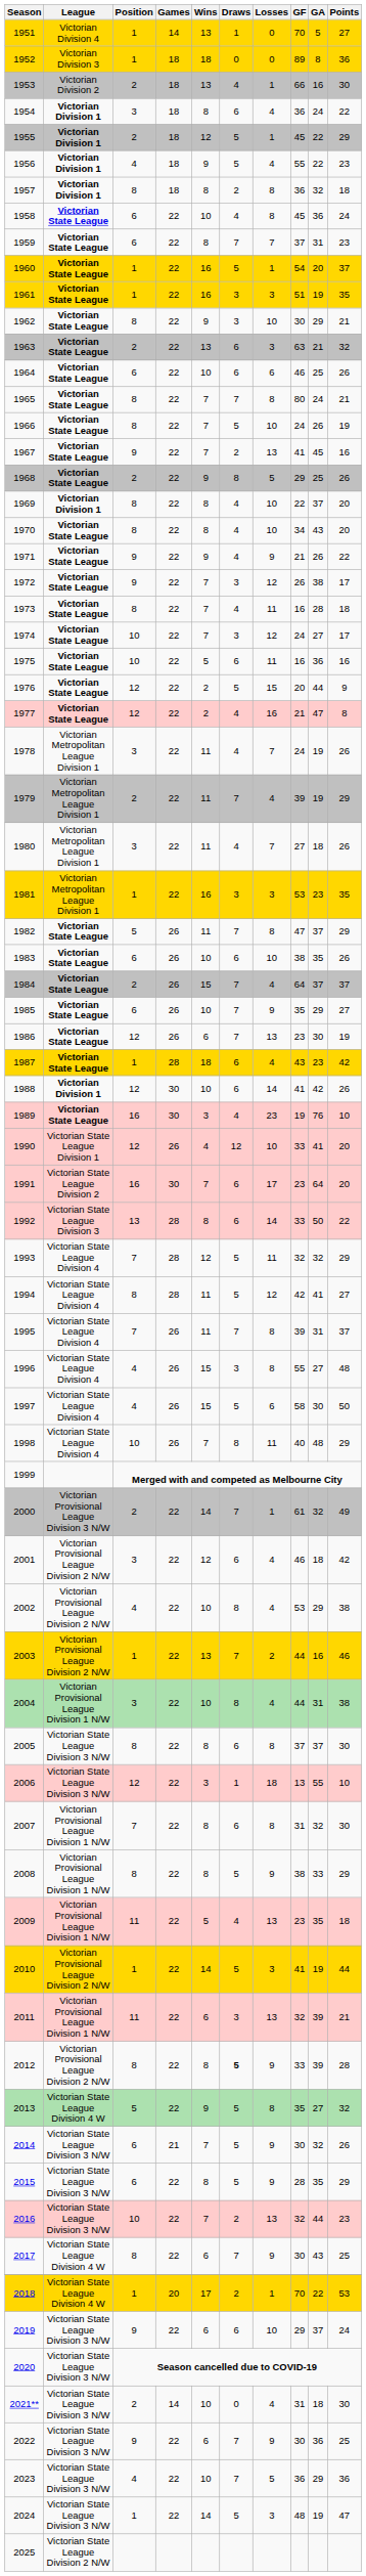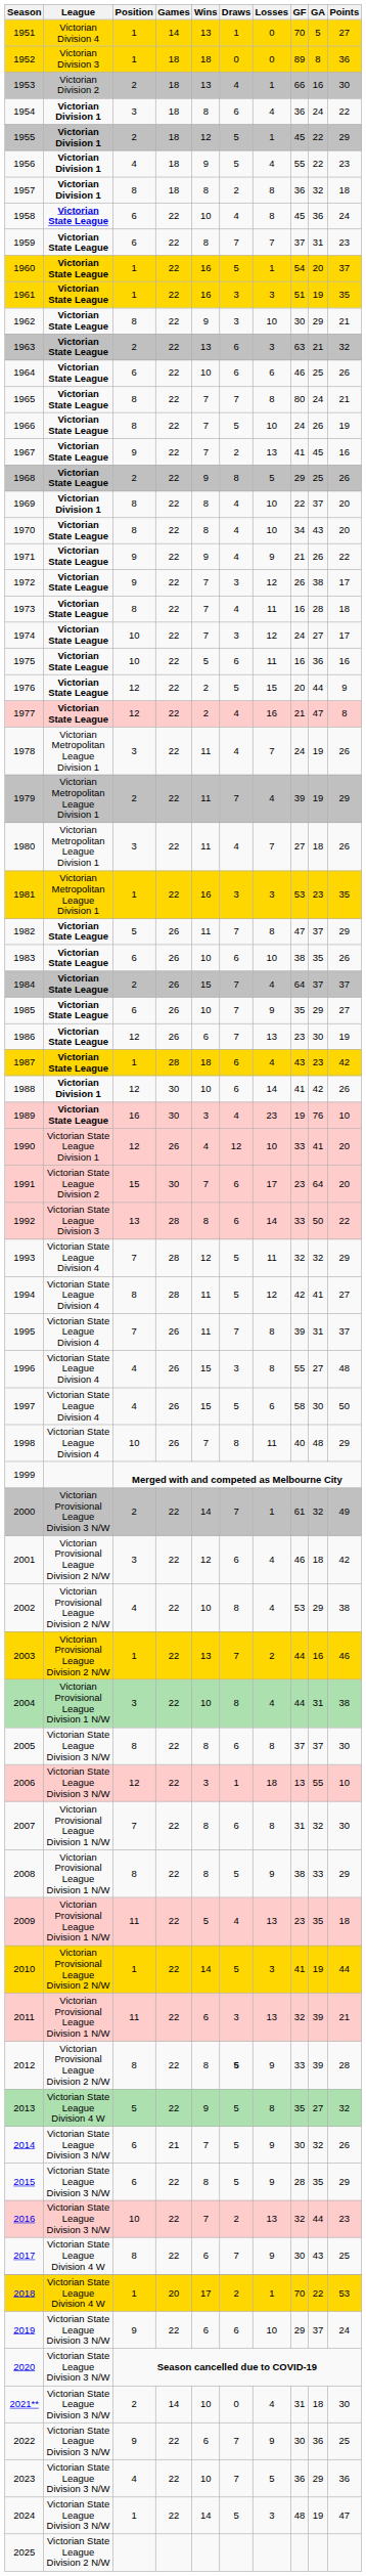 <table class="wikitable" style="text-align:center; margin-left:1em; font-size:100%; float:down">
 <tr>
 <th>Season</th>
 <th>League</th>
 <th>Position</th>
 <th>Games</th>
 <th>Wins</th>
 <th>Draws</th>
 <th>Losses</th>
 <th>GF</th>
 <th>GA</th>
 <th>Points</th>
 </tr>
 <tr bgcolor="#ffd700">
 <td>1951</td>
 <td>Victorian Division 4</td>
 <td>1</td>
 <td>14</td>
 <td>13</td>
 <td>1</td>
 <td>0</td>
 <td>70</td>
 <td>5</td>
 <td>27</td>
 </tr>
 <tr bgcolor="#ffd700">
 <td>1952</td>
 <td>Victorian Division 3</td>
 <td>1</td>
 <td>18</td>
 <td>18</td>
 <td>0</td>
 <td>0</td>
 <td>89</td>
 <td>8</td>
 <td>36</td>
 </tr>
 <tr bgcolor=silver>
 <td>1953</td>
 <td>Victorian Division 2</td>
 <td>2</td>
 <td>18</td>
 <td>13</td>
 <td>4</td>
 <td>1</td>
 <td>66</td>
 <td>16</td>
 <td>30</td>
 </tr>
 <tr>
 <td>1954</td>
 <td><strong>Victorian Division 1</strong></td>
 <td>3</td>
 <td>18</td>
 <td>8</td>
 <td>6</td>
 <td>4</td>
 <td>36</td>
 <td>24</td>
 <td>22</td>
 </tr>
 <tr bgcolor=silver>
 <td>1955</td>
 <td><strong>Victorian Division 1</strong></td>
 <td>2</td>
 <td>18</td>
 <td>12</td>
 <td>5</td>
 <td>1</td>
 <td>45</td>
 <td>22</td>
 <td>29</td>
 </tr>
 <tr>
 <td>1956</td>
 <td><strong>Victorian Division 1</strong></td>
 <td>4</td>
 <td>18</td>
 <td>9</td>
 <td>5</td>
 <td>4</td>
 <td>55</td>
 <td>22</td>
 <td>23</td>
 </tr>
 <tr>
 <td>1957</td>
 <td><strong>Victorian Division 1</strong></td>
 <td>8</td>
 <td>18</td>
 <td>8</td>
 <td>2</td>
 <td>8</td>
 <td>36</td>
 <td>32</td>
 <td>18</td>
 </tr>
 <tr>
 <td>1958</td>
 <td><strong><a href='#'>Victorian State League</a></strong></td>
 <td>6</td>
 <td>22</td>
 <td>10</td>
 <td>4</td>
 <td>8</td>
 <td>45</td>
 <td>36</td>
 <td>24</td>
 </tr>
 <tr>
 <td>1959</td>
 <td><strong>Victorian State League</strong></td>
 <td>6</td>
 <td>22</td>
 <td>8</td>
 <td>7</td>
 <td>7</td>
 <td>37</td>
 <td>31</td>
 <td>23</td>
 </tr>
 <tr bgcolor="#ffd700">
 <td>1960</td>
 <td><strong>Victorian State League</strong></td>
 <td>1</td>
 <td>22</td>
 <td>16</td>
 <td>5</td>
 <td>1</td>
 <td>54</td>
 <td>20</td>
 <td>37</td>
 </tr>
 <tr bgcolor="#ffd700">
 <td>1961</td>
 <td><strong>Victorian State League</strong></td>
 <td>1</td>
 <td>22</td>
 <td>16</td>
 <td>3</td>
 <td>3</td>
 <td>51</td>
 <td>19</td>
 <td>35</td>
 </tr>
 <tr>
 <td>1962</td>
 <td><strong>Victorian State League</strong></td>
 <td>8</td>
 <td>22</td>
 <td>9</td>
 <td>3</td>
 <td>10</td>
 <td>30</td>
 <td>29</td>
 <td>21</td>
 </tr>
 <tr bgcolor=silver>
 <td>1963</td>
 <td><strong>Victorian State League</strong></td>
 <td>2</td>
 <td>22</td>
 <td>13</td>
 <td>6</td>
 <td>3</td>
 <td>63</td>
 <td>21</td>
 <td>32</td>
 </tr>
 <tr>
 <td>1964</td>
 <td><strong>Victorian State League</strong></td>
 <td>6</td>
 <td>22</td>
 <td>10</td>
 <td>6</td>
 <td>6</td>
 <td>46</td>
 <td>25</td>
 <td>26</td>
 </tr>
 <tr>
 <td>1965</td>
 <td><strong>Victorian State League</strong></td>
 <td>8</td>
 <td>22</td>
 <td>7</td>
 <td>7</td>
 <td>8</td>
 <td>80</td>
 <td>24</td>
 <td>21</td>
 </tr>
 <tr>
 <td>1966</td>
 <td><strong>Victorian State League</strong></td>
 <td>8</td>
 <td>22</td>
 <td>7</td>
 <td>5</td>
 <td>10</td>
 <td>24</td>
 <td>26</td>
 <td>19</td>
 </tr>
 <tr>
 <td>1967</td>
 <td><strong>Victorian State League</strong></td>
 <td>9</td>
 <td>22</td>
 <td>7</td>
 <td>2</td>
 <td>13</td>
 <td>41</td>
 <td>45</td>
 <td>16</td>
 </tr>
 <tr bgcolor=silver>
 <td>1968</td>
 <td><strong>Victorian State League</strong></td>
 <td>2</td>
 <td>22</td>
 <td>9</td>
 <td>8</td>
 <td>5</td>
 <td>29</td>
 <td>25</td>
 <td>26</td>
 </tr>
 <tr>
 <td>1969</td>
 <td><strong>Victorian Division 1</strong></td>
 <td>8</td>
 <td>22</td>
 <td>8</td>
 <td>4</td>
 <td>10</td>
 <td>22</td>
 <td>37</td>
 <td>20</td>
 </tr>
 <tr>
 <td>1970</td>
 <td><strong>Victorian State League</strong></td>
 <td>8</td>
 <td>22</td>
 <td>8</td>
 <td>4</td>
 <td>10</td>
 <td>34</td>
 <td>43</td>
 <td>20</td>
 </tr>
 <tr>
 <td>1971</td>
 <td><strong>Victorian State League</strong></td>
 <td>9</td>
 <td>22</td>
 <td>9</td>
 <td>4</td>
 <td>9</td>
 <td>21</td>
 <td>26</td>
 <td>22</td>
 </tr>
 <tr>
 <td>1972</td>
 <td><strong>Victorian State League</strong></td>
 <td>9</td>
 <td>22</td>
 <td>7</td>
 <td>3</td>
 <td>12</td>
 <td>26</td>
 <td>38</td>
 <td>17</td>
 </tr>
 <tr>
 <td>1973</td>
 <td><strong>Victorian State League</strong></td>
 <td>8</td>
 <td>22</td>
 <td>7</td>
 <td>4</td>
 <td>11</td>
 <td>16</td>
 <td>28</td>
 <td>18</td>
 </tr>
 <tr>
 <td>1974</td>
 <td><strong>Victorian State League</strong></td>
 <td>10</td>
 <td>22</td>
 <td>7</td>
 <td>3</td>
 <td>12</td>
 <td>24</td>
 <td>27</td>
 <td>17</td>
 </tr>
 <tr>
 <td>1975</td>
 <td><strong>Victorian State League</strong></td>
 <td>10</td>
 <td>22</td>
 <td>5</td>
 <td>6</td>
 <td>11</td>
 <td>16</td>
 <td>36</td>
 <td>16</td>
 </tr>
 <tr>
 <td>1976</td>
 <td><strong>Victorian State League</strong></td>
 <td>12</td>
 <td>22</td>
 <td>2</td>
 <td>5</td>
 <td>15</td>
 <td>20</td>
 <td>44</td>
 <td>9</td>
 </tr>
 <tr bgcolor=#FFCCCC>
 <td>1977</td>
 <td><strong>Victorian State League</strong></td>
 <td>12</td>
 <td>22</td>
 <td>2</td>
 <td>4</td>
 <td>16</td>
 <td>21</td>
 <td>47</td>
 <td>8</td>
 </tr>
 <tr>
 <td>1978</td>
 <td>Victorian Metropolitan League Division 1</td>
 <td>3</td>
 <td>22</td>
 <td>11</td>
 <td>4</td>
 <td>7</td>
 <td>24</td>
 <td>19</td>
 <td>26</td>
 </tr>
 <tr bgcolor=silver>
 <td>1979</td>
 <td>Victorian Metropolitan League Division 1</td>
 <td>2</td>
 <td>22</td>
 <td>11</td>
 <td>7</td>
 <td>4</td>
 <td>39</td>
 <td>19</td>
 <td>29</td>
 </tr>
 <tr>
 <td>1980</td>
 <td>Victorian Metropolitan League Division 1</td>
 <td>3</td>
 <td>22</td>
 <td>11</td>
 <td>4</td>
 <td>7</td>
 <td>27</td>
 <td>18</td>
 <td>26</td>
 </tr>
 <tr bgcolor="#ffd700">
 <td>1981</td>
 <td>Victorian Metropolitan League Division 1</td>
 <td>1</td>
 <td>22</td>
 <td>16</td>
 <td>3</td>
 <td>3</td>
 <td>53</td>
 <td>23</td>
 <td>35</td>
 </tr>
 <tr>
 <td>1982</td>
 <td><strong>Victorian State League</strong></td>
 <td>5</td>
 <td>26</td>
 <td>11</td>
 <td>7</td>
 <td>8</td>
 <td>47</td>
 <td>37</td>
 <td>29</td>
 </tr>
 <tr>
 <td>1983</td>
 <td><strong>Victorian State League</strong></td>
 <td>6</td>
 <td>26</td>
 <td>10</td>
 <td>6</td>
 <td>10</td>
 <td>38</td>
 <td>35</td>
 <td>26</td>
 </tr>
 <tr bgcolor=silver>
 <td>1984</td>
 <td><strong>Victorian State League</strong></td>
 <td>2</td>
 <td>26</td>
 <td>15</td>
 <td>7</td>
 <td>4</td>
 <td>64</td>
 <td>37</td>
 <td>37</td>
 </tr>
 <tr>
 <td>1985</td>
 <td><strong>Victorian State League</strong></td>
 <td>6</td>
 <td>26</td>
 <td>10</td>
 <td>7</td>
 <td>9</td>
 <td>35</td>
 <td>29</td>
 <td>27</td>
 </tr>
 <tr>
 <td>1986</td>
 <td><strong>Victorian State League</strong></td>
 <td>12</td>
 <td>26</td>
 <td>6</td>
 <td>7</td>
 <td>13</td>
 <td>23</td>
 <td>30</td>
 <td>19</td>
 </tr>
 <tr bgcolor="#ffd700">
 <td>1987</td>
 <td><strong>Victorian State League</strong></td>
 <td>1</td>
 <td>28</td>
 <td>18</td>
 <td>6</td>
 <td>4</td>
 <td>43</td>
 <td>23</td>
 <td>42</td>
 </tr>
 <tr>
 <td>1988</td>
 <td><strong>Victorian Division 1</strong></td>
 <td>12</td>
 <td>30</td>
 <td>10</td>
 <td>6</td>
 <td>14</td>
 <td>41</td>
 <td>42</td>
 <td>26</td>
 </tr>
 <tr bgcolor=#FFCCCC>
 <td>1989</td>
 <td><strong>Victorian State League</strong></td>
 <td>16</td>
 <td>30</td>
 <td>3</td>
 <td>4</td>
 <td>23</td>
 <td>19</td>
 <td>76</td>
 <td>10</td>
 </tr>
 <tr bgcolor=#FFCCCC>
 <td>1990</td>
 <td>Victorian State League Division 1</td>
 <td>12</td>
 <td>26</td>
 <td>4</td>
 <td>12</td>
 <td>10</td>
 <td>33</td>
 <td>41</td>
 <td>20</td>
 </tr>
 <tr bgcolor=#FFCCCC>
 <td>1991</td>
 <td>Victorian State League Division 2</td>
-<td>16</td>
+<td>15</td>
 <td>30</td>
 <td>7</td>
 <td>6</td>
 <td>17</td>
 <td>23</td>
 <td>64</td>
 <td>20</td>
 </tr>
 <tr bgcolor=#FFCCCC>
 <td>1992</td>
 <td>Victorian State League Division 3</td>
 <td>13</td>
 <td>28</td>
 <td>8</td>
 <td>6</td>
 <td>14</td>
 <td>33</td>
 <td>50</td>
 <td>22</td>
 </tr>
 <tr>
 <td>1993</td>
 <td>Victorian State League Division 4</td>
 <td>7</td>
 <td>28</td>
 <td>12</td>
 <td>5</td>
 <td>11</td>
 <td>32</td>
 <td>32</td>
 <td>29</td>
 </tr>
 <tr>
 <td>1994</td>
 <td>Victorian State League Division 4</td>
 <td>8</td>
 <td>28</td>
 <td>11</td>
 <td>5</td>
 <td>12</td>
 <td>42</td>
 <td>41</td>
 <td>27</td>
 </tr>
 <tr>
 <td>1995</td>
 <td>Victorian State League Division 4</td>
 <td>7</td>
 <td>26</td>
 <td>11</td>
 <td>7</td>
 <td>8</td>
 <td>39</td>
 <td>31</td>
 <td>37</td>
 </tr>
 <tr>
 <td>1996</td>
 <td>Victorian State League Division 4</td>
 <td>4</td>
 <td>26</td>
 <td>15</td>
 <td>3</td>
 <td>8</td>
 <td>55</td>
 <td>27</td>
 <td>48</td>
 </tr>
 <tr>
 <td>1997</td>
 <td>Victorian State League Division 4</td>
 <td>4</td>
 <td>26</td>
 <td>15</td>
 <td>5</td>
 <td>6</td>
 <td>58</td>
 <td>30</td>
 <td>50</td>
 </tr>
 <tr>
 <td>1998</td>
 <td>Victorian State League Division 4</td>
 <td>10</td>
 <td>26</td>
 <td>7</td>
 <td>8</td>
 <td>11</td>
 <td>40</td>
 <td>48</td>
 <td>29</td>
 </tr>
 <tr>
 <td>1999</td>
 <td></td>
 <td colspan="9"><br><strong>Merged with and competed as Melbourne City</strong></td>
 </tr>
 <tr bgcolor=silver>
 <td>2000</td>
 <td>Victorian Provisional League Division 3 N/W</td>
 <td>2</td>
 <td>22</td>
 <td>14</td>
 <td>7</td>
 <td>1</td>
 <td>61</td>
 <td>32</td>
 <td>49</td>
 </tr>
 <tr>
 <td>2001</td>
 <td>Victorian Provisional League Division 2 N/W</td>
 <td>3</td>
 <td>22</td>
 <td>12</td>
 <td>6</td>
 <td>4</td>
 <td>46</td>
 <td>18</td>
 <td>42</td>
 </tr>
 <tr>
 <td>2002</td>
 <td>Victorian Provisional League Division 2 N/W</td>
 <td>4</td>
 <td>22</td>
 <td>10</td>
 <td>8</td>
 <td>4</td>
 <td>53</td>
 <td>29</td>
 <td>38</td>
 </tr>
 <tr bgcolor="#ffd700">
 <td>2003</td>
 <td>Victorian Provisional League Division 2 N/W</td>
 <td>1</td>
 <td>22</td>
 <td>13</td>
 <td>7</td>
 <td>2</td>
 <td>44</td>
 <td>16</td>
 <td>46</td>
 </tr>
 <tr bgcolor=#ACE1AF>
 <td>2004</td>
 <td>Victorian Provisional League Division 1 N/W</td>
 <td>3</td>
 <td>22</td>
 <td>10</td>
 <td>8</td>
 <td>4</td>
 <td>44</td>
 <td>31</td>
 <td>38</td>
 </tr>
 <tr>
 <td>2005</td>
 <td>Victorian State League Division 3 N/W</td>
 <td>8</td>
 <td>22</td>
 <td>8</td>
 <td>6</td>
 <td>8</td>
 <td>37</td>
 <td>37</td>
 <td>30</td>
 </tr>
 <tr bgcolor=#FFCCCC>
 <td>2006</td>
 <td>Victorian State League Division 3 N/W</td>
 <td>12</td>
 <td>22</td>
 <td>3</td>
 <td>1</td>
 <td>18</td>
 <td>13</td>
 <td>55</td>
 <td>10</td>
 </tr>
 <tr>
 <td>2007</td>
 <td>Victorian Provisional League Division 1 N/W</td>
 <td>7</td>
 <td>22</td>
 <td>8</td>
 <td>6</td>
 <td>8</td>
 <td>31</td>
 <td>32</td>
 <td>30</td>
 </tr>
 <tr>
 <td>2008</td>
 <td>Victorian Provisional League Division 1 N/W</td>
 <td>8</td>
 <td>22</td>
 <td>8</td>
 <td>5</td>
 <td>9</td>
 <td>38</td>
 <td>33</td>
 <td>29</td>
 </tr>
 <tr bgcolor=#FFCCCC>
 <td>2009</td>
 <td>Victorian Provisional League Division 1 N/W</td>
 <td>11</td>
 <td>22</td>
 <td>5</td>
 <td>4</td>
 <td>13</td>
 <td>23</td>
 <td>35</td>
 <td>18</td>
 </tr>
 <tr bgcolor="#ffd700">
 <td>2010</td>
 <td>Victorian Provisional League Division 2 N/W</td>
 <td>1</td>
 <td>22</td>
 <td>14</td>
 <td>5</td>
 <td>3</td>
 <td>41</td>
 <td>19</td>
 <td>44</td>
 </tr>
 <tr bgcolor=#FFCCCC>
 <td>2011</td>
 <td>Victorian Provisional League Division 1 N/W</td>
 <td>11</td>
 <td>22</td>
 <td>6</td>
 <td>3</td>
 <td>13</td>
 <td>32</td>
 <td>39</td>
 <td>21</td>
 </tr>
 <tr>
 <td>2012</td>
 <td>Victorian Provisional League Division 2 N/W</td>
 <td>8</td>
 <td>22</td>
 <td>8</td>
 <td><strong>5</strong></td>
 <td>9</td>
 <td>33</td>
 <td>39</td>
 <td>28</td>
 </tr>
 <tr bgcolor=#ACE1AF>
 <td>2013</td>
 <td>Victorian State League Division 4 W</td>
 <td>5</td>
 <td>22</td>
 <td>9</td>
 <td>5</td>
 <td>8</td>
 <td>35</td>
 <td>27</td>
 <td>32</td>
 </tr>
 <tr>
 <td><a href='#'>2014</a></td>
 <td>Victorian State League Division 3 N/W</td>
 <td>6</td>
 <td>21</td>
 <td>7</td>
 <td>5</td>
 <td>9</td>
 <td>30</td>
 <td>32</td>
 <td>26</td>
 </tr>
 <tr>
 <td><a href='#'>2015</a></td>
 <td>Victorian State League Division 3 N/W</td>
 <td>6</td>
 <td>22</td>
 <td>8</td>
 <td>5</td>
 <td>9</td>
 <td>28</td>
 <td>35</td>
 <td>29</td>
 </tr>
 <tr bgcolor=#FFCCCC>
 <td><a href='#'>2016</a></td>
 <td>Victorian State League Division 3 N/W</td>
 <td>10</td>
 <td>22</td>
 <td>7</td>
 <td>2</td>
 <td>13</td>
 <td>32</td>
 <td>44</td>
 <td>23</td>
 </tr>
 <tr>
 <td><a href='#'>2017</a></td>
 <td>Victorian State League Division 4 W</td>
 <td>8</td>
 <td>22</td>
 <td>6</td>
 <td>7</td>
 <td>9</td>
 <td>30</td>
 <td>43</td>
 <td>25</td>
 </tr>
 <tr>
 </tr>
 <tr bgcolor="#ffd700">
 <td><a href='#'>2018</a></td>
 <td>Victorian State League Division 4 W</td>
 <td>1</td>
 <td>20</td>
 <td>17</td>
 <td>2</td>
 <td>1</td>
 <td>70</td>
 <td>22</td>
 <td>53</td>
 </tr>
 <tr>
 <td><a href='#'>2019</a></td>
 <td>Victorian State League Division 3 N/W</td>
 <td>9</td>
 <td>22</td>
 <td>6</td>
 <td>6</td>
 <td>10</td>
 <td>29</td>
 <td>37</td>
 <td>24</td>
 </tr>
 <tr>
 <td><a href='#'>2020</a></td>
 <td>Victorian State League Division 3 N/W</td>
 <td colspan="8"><strong>Season cancelled due to COVID-19</strong></td>
 </tr>
 <tr>
 <td><a href='#'>2021**</a></td>
 <td>Victorian State League Division 3 N/W</td>
 <td>2</td>
 <td>14</td>
 <td>10</td>
 <td>0</td>
 <td>4</td>
 <td>31</td>
 <td>18</td>
 <td>30</td>
 </tr>
 <tr>
 <td 2022 Football Victoria season>2022</td>
 <td>Victorian State League Division 3 N/W</td>
 <td>9</td>
 <td>22</td>
 <td>6</td>
 <td>7</td>
 <td>9</td>
 <td>30</td>
 <td>36</td>
 <td>25</td>
 </tr>
 <tr>
 <td 2023 Football Victoria season>2023</td>
 <td>Victorian State League Division 3 N/W</td>
 <td>4</td>
 <td>22</td>
 <td>10</td>
 <td>7</td>
 <td>5</td>
 <td>36</td>
 <td>29</td>
 <td>36</td>
 </tr>
 <tr -bgcolor="#ffd700">
 <td 2024 Football Victoria season>2024</td>
 <td>Victorian State League Division 3 N/W</td>
 <td>1</td>
 <td>22</td>
 <td>14</td>
 <td>5</td>
 <td>3</td>
 <td>48</td>
 <td>19</td>
 <td>47</td>
 </tr>
 <tr>
 <td 2025 Football Victoria season>2025</td>
 <td>Victorian State League Division 2 N/W</td>
 <td></td>
 <td></td>
 <td></td>
 <td></td>
 <td></td>
 <td></td>
 <td></td>
 <td></td>
 </tr>
 </table>
